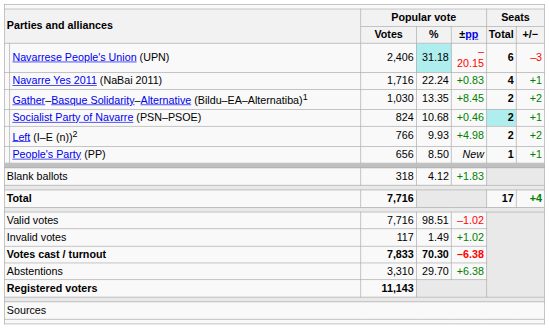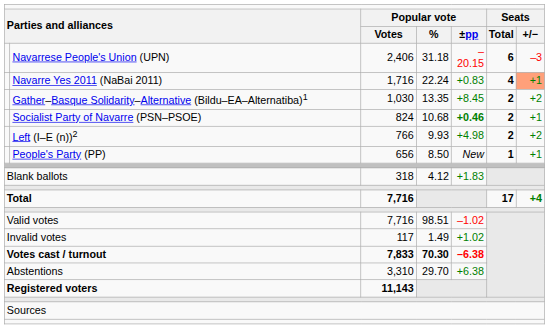 <table class="wikitable" style="text-align:right;">
 <tr>
 <td colspan="7"></td>
 </tr>
 <tr>
 <th style="text-align:left;" rowspan="2" colspan="2" width="525">Parties and alliances</th>
 <th colspan="3">Popular vote</th>
 <th colspan="2">Seats</th>
 </tr>
 <tr>
 <th width="75">Votes</th>
 <th width="45">%</th>
 <th width="45">±<a href='#'>pp</a></th>
 <th width="35">Total</th>
 <th width="35">+/−</th>
 </tr>
 <tr>
 <td width="1" style="color:inherit;background:"></td>
 <td align="left"><a href='#'>Navarrese People's Union</a> (UPN)</td>
 <td>2,406</td>
-<td style="background: paleturquoise;">31.18</td>
+<td>31.18</td>
 <td style="color:red;">–20.15</td>
 <td><strong>6</strong></td>
 <td style="color:red;">–3</td>
 </tr>
 <tr>
 <td style="color:inherit;background:"></td>
 <td align="left"><a href='#'>Navarre Yes 2011</a> (NaBai 2011)</td>
 <td>1,716</td>
 <td>22.24</td>
 <td style="color:green;">+0.83</td>
 <td><strong>4</strong></td>
-<td style="color:green;">+1</td>
+<td style="background: lightsalmon; color:green;">+1</td>
 </tr>
 <tr>
 <td style="color:inherit;background:"></td>
 <td align="left"><a href='#'>Gather</a>–<a href='#'>Basque Solidarity</a>–<a href='#'>Alternative</a> (Bildu–EA–Alternatiba)<sup>1</sup></td>
 <td>1,030</td>
 <td>13.35</td>
 <td style="color:green;">+8.45</td>
 <td><strong>2</strong></td>
 <td style="color:green;">+2</td>
 </tr>
 <tr>
 <td style="color:inherit;background:"></td>
 <td align="left"><a href='#'>Socialist Party of Navarre</a> (PSN–PSOE)</td>
 <td>824</td>
 <td>10.68</td>
-<td style="color:green;">+0.46</td>
-<td style="background: paleturquoise;"><strong>2</strong></td>
+<td style="color:green;"><strong>+0.46</strong></td>
+<td><strong>2</strong></td>
 <td style="color:green;">+1</td>
 </tr>
 <tr>
 <td style="color:inherit;background:"></td>
 <td align="left"><a href='#'>Left</a> (I–E (n))<sup>2</sup></td>
 <td>766</td>
 <td>9.93</td>
 <td style="color:green;">+4.98</td>
 <td><strong>2</strong></td>
 <td style="color:green;">+2</td>
 </tr>
 <tr>
 <td style="color:inherit;background:"></td>
 <td align="left"><a href='#'>People's Party</a> (PP)</td>
 <td>656</td>
 <td>8.50</td>
 <td><em>New</em></td>
 <td><strong>1</strong></td>
 <td style="color:green;">+1</td>
 </tr>
 <tr>
 <td colspan="7" bgcolor="#C0C0C0"></td>
 </tr>
 <tr>
 <td align="left" colspan="2">Blank ballots</td>
 <td>318</td>
 <td>4.12</td>
 <td style="color:green;">+1.83</td>
 <td bgcolor="#E9E9E9" colspan="2"></td>
 </tr>
 <tr>
 <td colspan="7" bgcolor="#E9E9E9"></td>
 </tr>
 <tr style="font-weight:bold;">
 <td align="left" colspan="2">Total</td>
 <td>7,716</td>
 <td bgcolor="#E9E9E9" colspan="2"></td>
 <td>17</td>
 <td style="color:green;">+4</td>
 </tr>
 <tr>
 <td colspan="7" bgcolor="#E9E9E9"></td>
 </tr>
 <tr>
 <td align="left" colspan="2">Valid votes</td>
 <td>7,716</td>
 <td>98.51</td>
 <td style="color:red;">–1.02</td>
 <td bgcolor="#E9E9E9" colspan="2" rowspan="5"></td>
 </tr>
 <tr>
 <td align="left" colspan="2">Invalid votes</td>
 <td>117</td>
 <td>1.49</td>
 <td style="color:green;">+1.02</td>
 </tr>
 <tr style="font-weight:bold;">
 <td align="left" colspan="2">Votes cast / turnout</td>
 <td>7,833</td>
 <td>70.30</td>
 <td style="color:red;">–6.38</td>
 </tr>
 <tr>
 <td align="left" colspan="2">Abstentions</td>
 <td>3,310</td>
 <td>29.70</td>
 <td style="color:green;">+6.38</td>
 </tr>
 <tr style="font-weight:bold;">
 <td align="left" colspan="2">Registered voters</td>
 <td>11,143</td>
 <td bgcolor="#E9E9E9" colspan="2"></td>
 </tr>
 <tr>
 <td colspan="7" bgcolor="#E9E9E9"></td>
 </tr>
 <tr>
 <td align="left" colspan="7">Sources</td>
 </tr>
 <tr>
 <td colspan="7" style="text-align:left; max-width:790px;"></td>
 </tr>
 </table>
